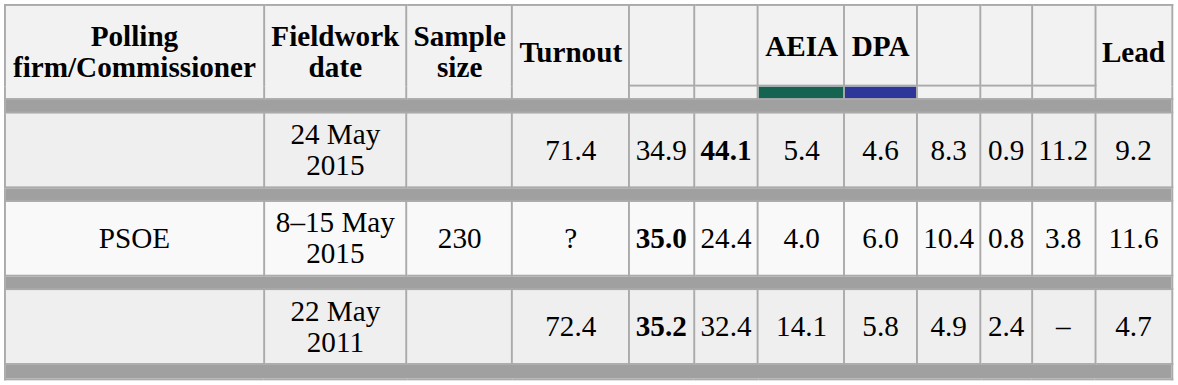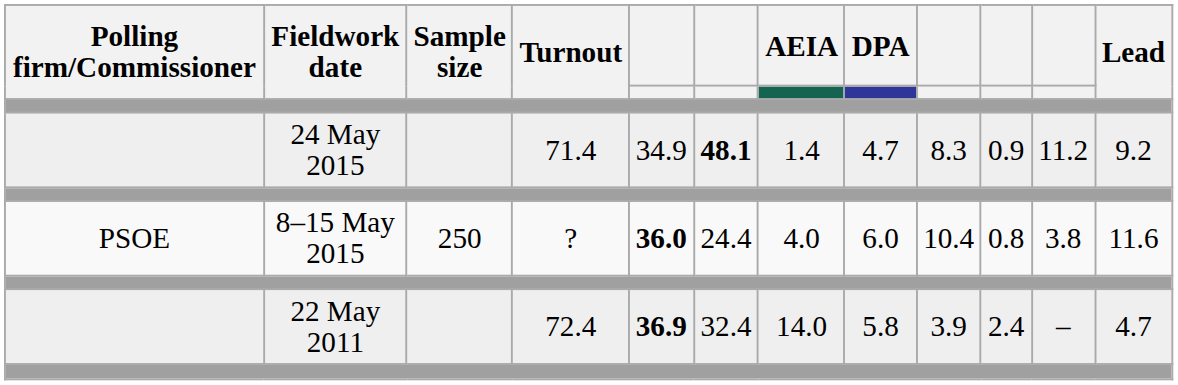 <table class="wikitable collapsible collapsed" style="text-align:center; font-size:95%; line-height:16px;">
 <tr style="height:42px;">
 <th style="width:250px;" rowspan="2">Polling firm/Commissioner</th>
 <th style="width:125px;" rowspan="2">Fieldwork date</th>
 <th style="width:50px;" rowspan="2">Sample size</th>
 <th style="width:45px;" rowspan="2">Turnout</th>
 <th style="width:35px;"></th>
 <th style="width:35px;"></th>
 <th style="width:35px;">AEIA</th>
 <th style="width:35px;">DPA</th>
 <th style="width:35px;"></th>
 <th style="width:35px;"></th>
 <th style="width:35px;"></th>
 <th style="width:30px;" rowspan="2">Lead</th>
 </tr>
 <tr>
 <th style="color:inherit;background:"></th>
 <th style="color:inherit;background:"></th>
 <th style="color:inherit;background:#156451;"></th>
 <th style="color:inherit;background:#2E3699;"></th>
 <th style="color:inherit;background:"></th>
 <th style="color:inherit;background:"></th>
 <th style="color:inherit;background:"></th>
 </tr>
 <tr>
 <td colspan="12" style="background:#A0A0A0"></td>
 </tr>
 <tr style="background:#EFEFEF;">
 <td><strong></strong></td>
 <td>24 May 2015</td>
 <td></td>
 <td>71.4</td>
 <td>34.9<br></td>
-<td><strong>44.1</strong><br></td>
-<td>5.4<br></td>
-<td>4.6<br></td>
+<td><strong>48.1</strong><br></td>
+<td>1.4<br></td>
+<td>4.7<br></td>
 <td>8.3<br></td>
 <td>0.9<br></td>
 <td>11.2<br></td>
 <td style="background:">9.2</td>
 </tr>
 <tr>
 <td colspan="12" style="background:#A0A0A0"></td>
 </tr>
 <tr>
 <td>PSOE</td>
 <td>8–15 May 2015</td>
-<td>230</td>
+<td>250</td>
 <td>?</td>
-<td><strong>35.0</strong><br></td>
+<td><strong>36.0</strong><br></td>
 <td>24.4<br></td>
 <td>4.0<br></td>
 <td>6.0<br></td>
 <td>10.4<br></td>
 <td>0.8<br></td>
 <td>3.8<br></td>
 <td style="background:">11.6</td>
 </tr>
 <tr>
 <td colspan="12" style="background:#A0A0A0"></td>
 </tr>
 <tr style="background:#EFEFEF;">
 <td><strong></strong></td>
 <td>22 May 2011</td>
 <td></td>
 <td>72.4</td>
-<td><strong>35.2</strong><br></td>
+<td><strong>36.9</strong><br></td>
 <td>32.4<br></td>
-<td>14.1<br></td>
+<td>14.0<br></td>
 <td>5.8<br></td>
-<td>4.9<br></td>
+<td>3.9<br></td>
 <td>2.4<br></td>
 <td>–</td>
 <td style="background:">4.7</td>
 </tr>
 <tr>
 <td colspan="12" style="background:#A0A0A0"></td>
 </tr>
 </table>
